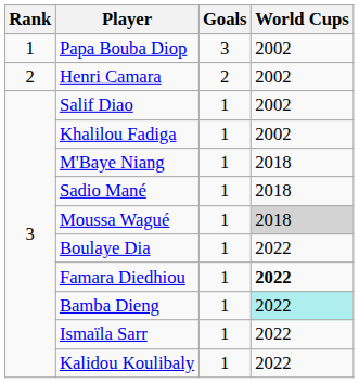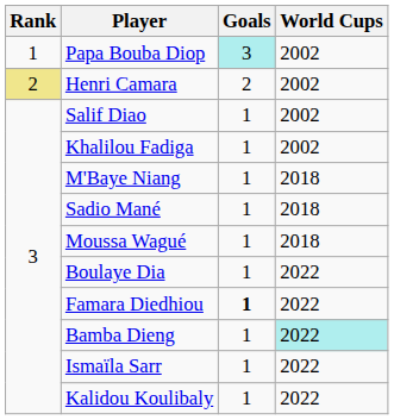 <table class="wikitable" style="text-align: left;">
 <tr>
 <th>Rank</th>
 <th>Player</th>
 <th>Goals</th>
 <th>World Cups</th>
 </tr>
 <tr>
 <td align=center>1</td>
 <td><a href='#'>Papa Bouba Diop</a></td>
-<td align=center>3</td>
+<td align=center style="background: paleturquoise;">3</td>
 <td>2002</td>
 </tr>
 <tr>
-<td align=center>2</td>
+<td align=center style="background: khaki;">2</td>
 <td><a href='#'>Henri Camara</a></td>
 <td align=center>2</td>
 <td>2002</td>
 </tr>
 <tr>
 <td rowspan=10 align=center>3</td>
 <td><a href='#'>Salif Diao</a></td>
 <td align=center>1</td>
 <td>2002</td>
 </tr>
 <tr>
 <td><a href='#'>Khalilou Fadiga</a></td>
 <td align=center>1</td>
 <td>2002</td>
 </tr>
 <tr>
 <td><a href='#'>M'Baye Niang</a></td>
 <td align=center>1</td>
 <td>2018</td>
 </tr>
 <tr>
 <td><a href='#'>Sadio Mané</a></td>
 <td align=center>1</td>
 <td>2018</td>
 </tr>
 <tr>
 <td><a href='#'>Moussa Wagué</a></td>
 <td align=center>1</td>
-<td style="background: lightgrey;">2018</td>
+<td>2018</td>
 </tr>
 <tr>
 <td><a href='#'>Boulaye Dia</a></td>
 <td align=center>1</td>
 <td>2022</td>
 </tr>
 <tr>
 <td><a href='#'>Famara Diedhiou</a></td>
-<td align=center>1</td>
-<td><strong>2022</strong></td>
+<td align=center><strong>1</strong></td>
+<td>2022</td>
 </tr>
 <tr>
 <td><a href='#'>Bamba Dieng</a></td>
 <td align=center>1</td>
 <td style="background: paleturquoise;">2022</td>
 </tr>
 <tr>
 <td><a href='#'>Ismaïla Sarr</a></td>
 <td align=center>1</td>
 <td>2022</td>
 </tr>
 <tr>
 <td><a href='#'>Kalidou Koulibaly</a></td>
 <td align=center>1</td>
 <td>2022</td>
 </tr>
 </table>
